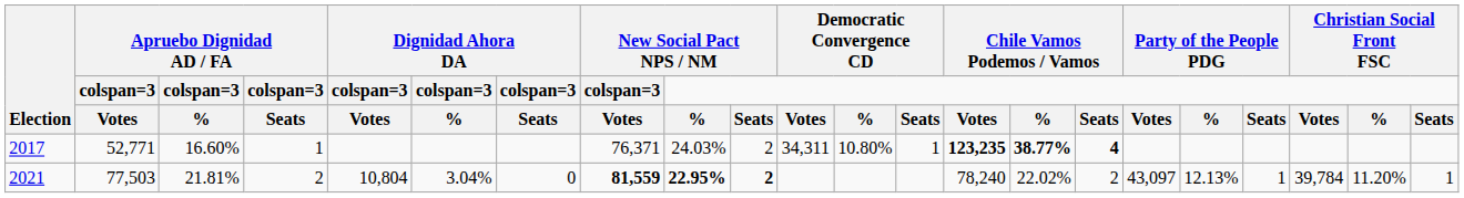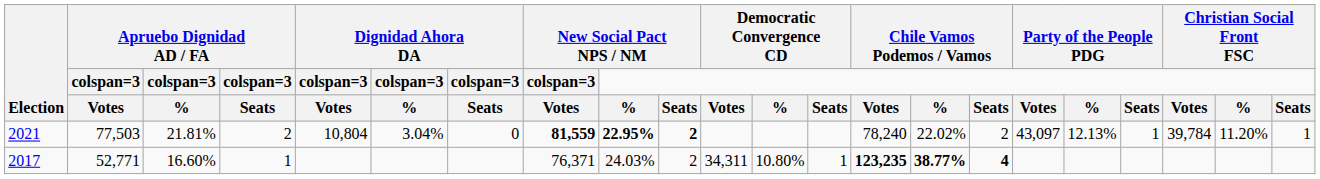 <table class="wikitable" border="1" style="font-size:95%; text-align:right;">
 <tr>
 <th style="text-align:left;" valign=bottom rowspan=3>Election</th>
 <th valign=bottom colspan=3><a href='#'>Apruebo Dignidad</a><br>AD / FA</th>
 <th valign=bottom colspan=3><a href='#'>Dignidad Ahora</a><br>DA</th>
 <th valign=bottom colspan=3><a href='#'>New Social Pact</a><br>NPS / NM</th>
 <th valign=bottom colspan=3>Democratic<br>Convergence<br>CD</th>
 <th valign=bottom colspan=3><a href='#'>Chile Vamos</a><br>Podemos / Vamos</th>
 <th valign=bottom colspan=3><a href='#'>Party of the People</a><br>PDG</th>
 <th valign=bottom colspan=3><a href='#'>Christian Social Front</a><br>FSC</th>
 </tr>
 <tr>
 <th>colspan=3 </th>
 <th>colspan=3 </th>
 <th>colspan=3 </th>
 <th>colspan=3 </th>
 <th>colspan=3 </th>
 <th>colspan=3 </th>
 <th>colspan=3 </th>
 </tr>
 <tr>
 <th>Votes</th>
 <th>%</th>
 <th>Seats</th>
 <th>Votes</th>
 <th>%</th>
 <th>Seats</th>
 <th>Votes</th>
 <th>%</th>
 <th>Seats</th>
 <th>Votes</th>
 <th>%</th>
 <th>Seats</th>
 <th>Votes</th>
 <th>%</th>
 <th>Seats</th>
 <th>Votes</th>
 <th>%</th>
 <th>Seats</th>
 <th>Votes</th>
 <th>%</th>
 <th>Seats</th>
 </tr>
 <tr>
+<td align=left><a href='#'>2021</a></td>
+<td>77,503</td>
+<td>21.81%</td>
+<td>2</td>
+<td>10,804</td>
+<td>3.04%</td>
+<td>0</td>
+<td><strong>81,559</strong></td>
+<td><strong>22.95%</strong></td>
+<td><strong>2</strong></td>
+<td></td>
+<td></td>
+<td></td>
+<td>78,240</td>
+<td>22.02%</td>
+<td>2</td>
+<td>43,097</td>
+<td>12.13%</td>
+<td>1</td>
+<td>39,784</td>
+<td>11.20%</td>
+<td>1</td>
+</tr>
+<tr>
 <td align=left><a href='#'>2017</a></td>
 <td>52,771</td>
 <td>16.60%</td>
 <td>1</td>
 <td></td>
 <td></td>
 <td></td>
 <td>76,371</td>
 <td>24.03%</td>
 <td>2</td>
 <td>34,311</td>
 <td>10.80%</td>
 <td>1</td>
 <td><strong>123,235</strong></td>
 <td><strong>38.77%</strong></td>
 <td><strong>4</strong></td>
 <td></td>
 <td></td>
 <td></td>
 <td></td>
 <td></td>
 <td></td>
 </tr>
-<tr>
-<td align=left><a href='#'>2021</a></td>
-<td>77,503</td>
-<td>21.81%</td>
-<td>2</td>
-<td>10,804</td>
-<td>3.04%</td>
-<td>0</td>
-<td><strong>81,559</strong></td>
-<td><strong>22.95%</strong></td>
-<td><strong>2</strong></td>
-<td></td>
-<td></td>
-<td></td>
-<td>78,240</td>
-<td>22.02%</td>
-<td>2</td>
-<td>43,097</td>
-<td>12.13%</td>
-<td>1</td>
-<td>39,784</td>
-<td>11.20%</td>
-<td>1</td>
-</tr>
 </table>
